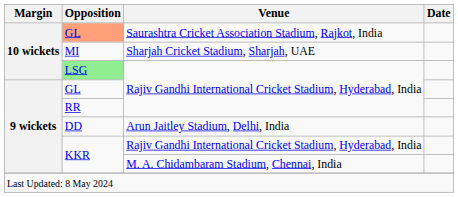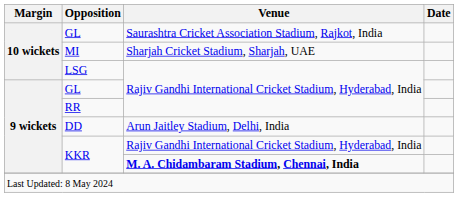 <table class="wikitable">
 <tr>
 <th>Margin</th>
 <th>Opposition</th>
 <th>Venue</th>
 <th>Date</th>
 </tr>
 <tr>
 <th rowspan=3>10 wickets</th>
-<td style="background: lightsalmon;"><a href='#'>GL</a></td>
+<td><a href='#'>GL</a></td>
 <td><a href='#'>Saurashtra Cricket Association Stadium</a>, <a href='#'>Rajkot</a>, India</td>
 <td></td>
 </tr>
 <tr>
 <td><a href='#'>MI</a></td>
 <td><a href='#'>Sharjah Cricket Stadium</a>, <a href='#'>Sharjah</a>, UAE</td>
 <td></td>
 </tr>
 <tr>
-<td style="background: lightgreen;"><a href='#'>LSG</a></td>
+<td><a href='#'>LSG</a></td>
 <td rowspan=3><a href='#'>Rajiv Gandhi International Cricket Stadium</a>, <a href='#'>Hyderabad</a>, India</td>
 <td></td>
 </tr>
 <tr>
 <th rowspan=5>9 wickets</th>
 <td><a href='#'>GL</a></td>
 <td></td>
 </tr>
 <tr>
 <td><a href='#'>RR</a></td>
 <td></td>
 </tr>
 <tr>
 <td><a href='#'>DD</a></td>
 <td><a href='#'>Arun Jaitley Stadium</a>, <a href='#'>Delhi</a>, India</td>
 <td></td>
 </tr>
 <tr>
 <td rowspan=2><a href='#'>KKR</a></td>
 <td><a href='#'>Rajiv Gandhi International Cricket Stadium</a>, <a href='#'>Hyderabad</a>, India</td>
 <td></td>
 </tr>
 <tr>
-<td><a href='#'>M. A. Chidambaram Stadium</a>, <a href='#'>Chennai</a>, India</td>
+<td><strong><a href='#'>M. A. Chidambaram Stadium</a>, <a href='#'>Chennai</a>, India</strong></td>
 <td></td>
 </tr>
 <tr>
 </tr>
 <tr class=sortbottom>
 <td colspan=4><small>Last Updated: 8 May 2024</small></td>
 </tr>
 </table>
